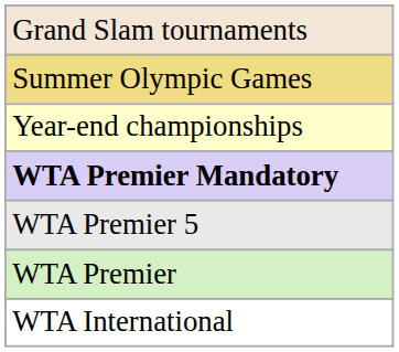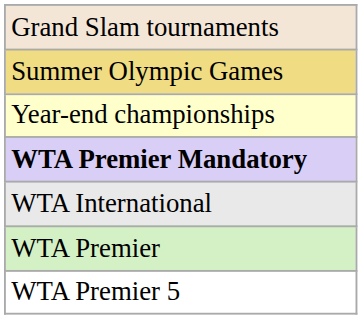 <table class=wikitable style=font-size:90%;width:15%>
 <tr style="background:#F3E6D7;">
 <td>Grand Slam tournaments</td>
 </tr>
 <tr style="background:#f0dc82;">
 <td>Summer Olympic Games</td>
 </tr>
 <tr style="background:#ffc;">
 <td>Year-end championships</td>
 </tr>
 <tr style="background:#d8cef6;">
 <td><strong>WTA Premier Mandatory</strong></td>
 </tr>
 <tr style="background:#E9E9E9;">
-<td>WTA Premier 5</td>
+<td>WTA International</td>
 </tr>
 <tr style="background:#D4F1C5;">
 <td>WTA Premier</td>
 </tr>
 <tr style="background:#fff;">
-<td>WTA International</td>
+<td>WTA Premier 5</td>
 </tr>
 </table>
